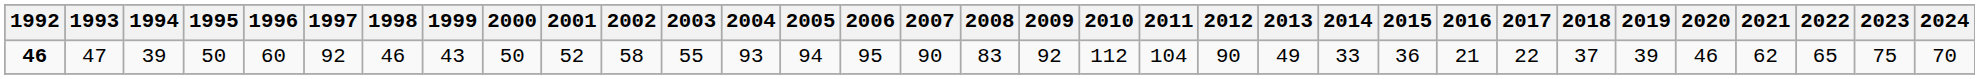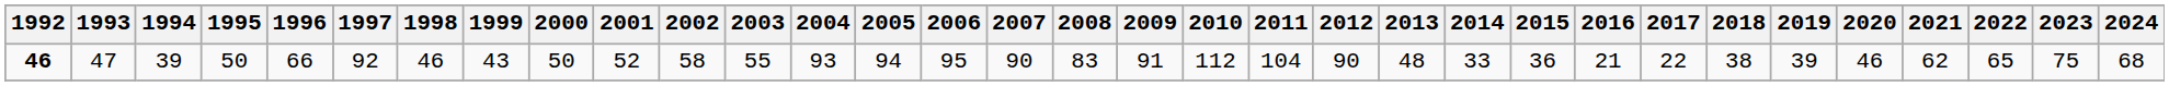 <table class="wikitable" style=" text-align:center; font-size:90%;" width="100%">
 <tr>
 <th>1992</th>
 <th>1993</th>
 <th>1994</th>
 <th>1995</th>
 <th>1996</th>
 <th>1997</th>
 <th>1998</th>
 <th>1999</th>
 <th>2000</th>
 <th>2001</th>
 <th>2002</th>
 <th>2003</th>
 <th>2004</th>
 <th>2005</th>
 <th>2006</th>
 <th>2007</th>
 <th>2008</th>
 <th>2009</th>
 <th>2010</th>
 <th>2011</th>
 <th>2012</th>
 <th>2013</th>
 <th>2014</th>
 <th>2015</th>
 <th>2016</th>
 <th>2017</th>
 <th>2018</th>
 <th>2019</th>
 <th>2020</th>
 <th>2021</th>
 <th>2022</th>
 <th>2023</th>
 <th>2024</th>
 </tr>
 <tr>
 <td><strong>46</strong></td>
 <td>47</td>
 <td>39</td>
 <td>50</td>
-<td>60</td>
+<td>66</td>
 <td>92</td>
 <td>46</td>
 <td>43</td>
 <td>50</td>
 <td>52</td>
 <td>58</td>
 <td>55</td>
 <td>93</td>
 <td>94</td>
 <td>95</td>
 <td>90</td>
 <td>83</td>
-<td>92</td>
+<td>91</td>
 <td>112</td>
 <td>104</td>
 <td>90</td>
-<td>49</td>
+<td>48</td>
 <td>33</td>
 <td>36</td>
 <td>21</td>
 <td>22</td>
-<td>37</td>
+<td>38</td>
 <td>39</td>
 <td>46</td>
 <td>62</td>
 <td>65</td>
 <td>75</td>
-<td>70</td>
+<td>68</td>
 </tr>
 </table>
